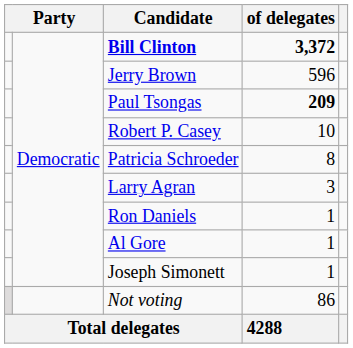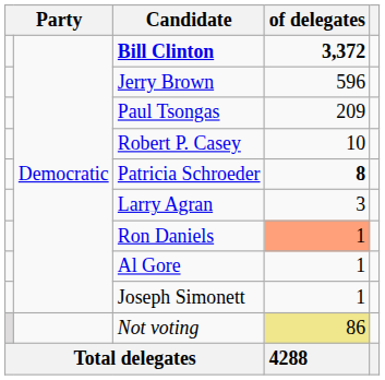 <table class="wikitable sortable">
 <tr>
 <th colspan="2" scope="col" class="unsortable">Party</th>
 <th scope="col">Candidate</th>
 <th scope="col"> of delegates</th>
 <th scope="col"></th>
 </tr>
 <tr>
 <td style="background-color:"></td>
 <td rowspan="9"><a href='#'>Democratic</a></td>
 <td><strong><a href='#'>Bill Clinton</a></strong></td>
 <td style="text-align:right"><strong>3,372</strong></td>
 <td><strong></strong></td>
 </tr>
 <tr>
 <td style="background-color:"></td>
 <td><a href='#'>Jerry Brown</a></td>
 <td style="text-align:right">596</td>
 <td></td>
 </tr>
 <tr>
 <td style="background-color:"></td>
 <td><a href='#'>Paul Tsongas</a></td>
-<td style="text-align:right"><strong>209</strong></td>
+<td style="text-align:right">209</td>
 <td></td>
 </tr>
 <tr>
 <td style="background-color:"></td>
 <td><a href='#'>Robert P. Casey</a></td>
 <td style="text-align:right">10</td>
 <td></td>
 </tr>
 <tr>
 <td style="background-color:"></td>
 <td><a href='#'>Patricia Schroeder</a></td>
-<td style="text-align:right">8</td>
+<td style="text-align:right"><strong>8</strong></td>
 <td></td>
 </tr>
 <tr>
 <td style="background-color:"></td>
 <td><a href='#'>Larry Agran</a></td>
 <td style="text-align:right">3</td>
 <td></td>
 </tr>
 <tr>
 <td style="background-color:"></td>
 <td><a href='#'>Ron Daniels</a></td>
-<td style="text-align:right">1</td>
+<td style="background: lightsalmon; text-align:right">1</td>
 <td></td>
 </tr>
 <tr>
 <td style="background-color:"></td>
 <td><a href='#'>Al Gore</a></td>
 <td style="text-align:right">1</td>
 <td></td>
 </tr>
 <tr>
 <td style="background-color:"></td>
 <td>Joseph Simonett</td>
 <td style="text-align:right">1</td>
 <td></td>
 </tr>
 <tr>
 <td style="background-color:#dedcdc"></td>
 <td></td>
 <td><em>Not voting</em></td>
-<td style="text-align:right">86</td>
+<td style="background: khaki; text-align:right">86</td>
 <td></td>
 </tr>
 <tr>
 <th colspan="3">Total delegates</th>
 <th style="text-align:left">4288</th>
 <th></th>
 </tr>
 </table>
